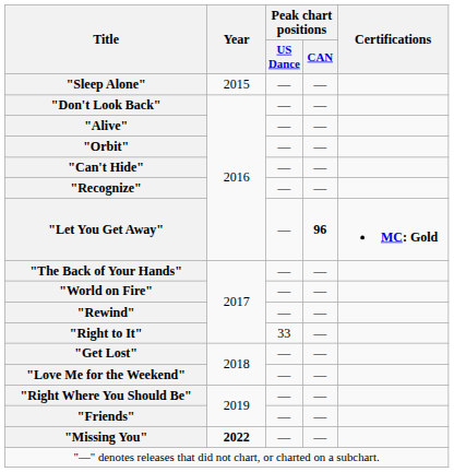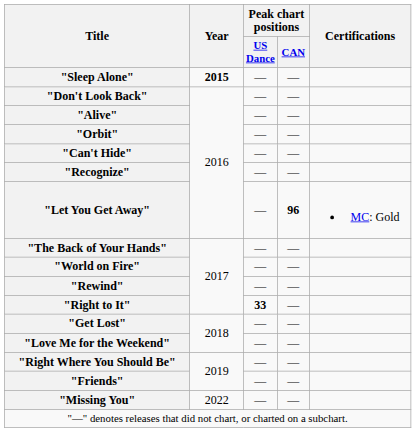 <table class="wikitable plainrowheaders" style="text-align:center;">
 <tr>
 <th scope="col" rowspan="2" style="width:15em;">Title</th>
 <th scope="col" rowspan="2" style="width:4em">Year</th>
 <th colspan="2">Peak chart positions</th>
 <th rowspan="2" style="width:8em">Certifications</th>
 </tr>
 <tr>
 <th scope="col" style="width:2.5em;font-size:90%;"><a href='#'>US<br>Dance</a><br></th>
 <th scope="col" style="width:2.5em;font-size:90%;"><a href='#'>CAN</a><br></th>
 </tr>
 <tr>
 <th scope="row">"Sleep Alone"<br></th>
-<td>2015</td>
+<td><strong>2015</strong></td>
 <td>—</td>
 <td>—</td>
 <td></td>
 </tr>
 <tr>
 <th scope="row">"Don't Look Back"<br></th>
 <td rowspan="6">2016</td>
 <td>—</td>
 <td>—</td>
 <td></td>
 </tr>
 <tr>
 <th scope="row">"Alive"<br></th>
 <td>—</td>
 <td>—</td>
 <td></td>
 </tr>
 <tr>
 <th scope="row">"Orbit"<br></th>
 <td>—</td>
 <td>—</td>
 <td></td>
 </tr>
 <tr>
 <th scope="row">"Can't Hide"<br></th>
 <td>—</td>
 <td>—</td>
 <td></td>
 </tr>
 <tr>
 <th scope="row">"Recognize"<br></th>
 <td>—</td>
 <td>—</td>
 <td></td>
 </tr>
 <tr>
 <th scope="row">"Let You Get Away"<br></th>
 <td>—</td>
 <td><strong>96</strong></td>
-<td><strong><br><ul><li><a href='#'>MC</a>: Gold</li></ul></strong></td>
+<td><br><ul><li><a href='#'>MC</a>: Gold</li></ul></td>
 </tr>
 <tr>
 <th scope="row">"The Back of Your Hands"<br></th>
 <td rowspan="4">2017</td>
 <td>—</td>
 <td>—</td>
 <td></td>
 </tr>
 <tr>
 <th scope="row">"World on Fire"<br></th>
 <td>—</td>
 <td>—</td>
 <td></td>
 </tr>
 <tr>
 <th scope="row">"Rewind"<br></th>
 <td>—</td>
 <td>—</td>
 <td></td>
 </tr>
 <tr>
 <th scope="row">"Right to It"<br></th>
-<td>33</td>
+<td><strong>33</strong></td>
 <td>—</td>
 <td></td>
 </tr>
 <tr>
 <th scope="row">"Get Lost"<br></th>
 <td rowspan="2">2018</td>
 <td>—</td>
 <td>—</td>
 <td></td>
 </tr>
 <tr>
 <th scope="row">"Love Me for the Weekend"<br></th>
 <td>—</td>
 <td>—</td>
 <td></td>
 </tr>
 <tr>
 <th scope="row">"Right Where You Should Be"<br></th>
 <td rowspan="2">2019</td>
 <td>—</td>
 <td>—</td>
 <td></td>
 </tr>
 <tr>
 <th scope="row">"Friends"<br></th>
 <td>—</td>
 <td>—</td>
 <td></td>
 </tr>
 <tr>
 <th scope="row">"Missing You"<br></th>
-<td><strong>2022</strong></td>
+<td>2022</td>
 <td>—</td>
 <td>—</td>
 <td></td>
 </tr>
 <tr>
 <td colspan="5" style="font-size:90%">"—" denotes releases that did not chart, or charted on a subchart.</td>
 </tr>
 </table>
